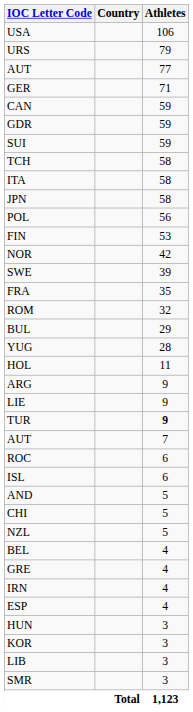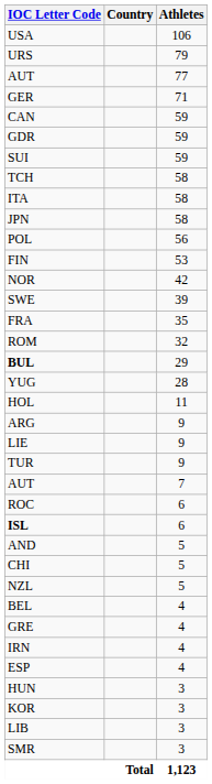 <table class="wikitable collapsible collapsed sortable" style="border:0;">
 <tr>
 <th><a href='#'>IOC Letter Code</a></th>
 <th>Country</th>
 <th>Athletes</th>
 </tr>
 <tr>
 <td>USA</td>
 <td></td>
 <td align=center>106</td>
 </tr>
 <tr>
 <td>URS</td>
 <td></td>
 <td align=center>79</td>
 </tr>
 <tr>
 <td>AUT</td>
 <td></td>
 <td align=center>77</td>
 </tr>
 <tr>
 <td>GER</td>
 <td></td>
 <td align=center>71</td>
 </tr>
 <tr>
 <td>CAN</td>
 <td></td>
 <td align=center>59</td>
 </tr>
 <tr>
 <td>GDR</td>
 <td></td>
 <td align=center>59</td>
 </tr>
 <tr>
 <td>SUI</td>
 <td></td>
 <td align=center>59</td>
 </tr>
 <tr>
 <td>TCH</td>
 <td></td>
 <td align=center>58</td>
 </tr>
 <tr>
 <td>ITA</td>
 <td></td>
 <td align=center>58</td>
 </tr>
 <tr>
 <td>JPN</td>
 <td></td>
 <td align=center>58</td>
 </tr>
 <tr>
 <td>POL</td>
 <td></td>
 <td align=center>56</td>
 </tr>
 <tr>
 <td>FIN</td>
 <td></td>
 <td align=center>53</td>
 </tr>
 <tr>
 <td>NOR</td>
 <td></td>
 <td align=center>42</td>
 </tr>
 <tr>
 <td>SWE</td>
 <td></td>
 <td align=center>39</td>
 </tr>
 <tr>
 <td>FRA</td>
 <td></td>
 <td align=center>35</td>
 </tr>
 <tr>
 <td>ROM</td>
 <td></td>
 <td align=center>32</td>
 </tr>
 <tr>
-<td>BUL</td>
+<td><strong>BUL</strong></td>
 <td></td>
 <td align=center>29</td>
 </tr>
 <tr>
 <td>YUG</td>
 <td></td>
 <td align=center>28</td>
 </tr>
 <tr>
 <td>HOL</td>
 <td></td>
 <td align=center>11</td>
 </tr>
 <tr>
 <td>ARG</td>
 <td></td>
 <td align=center>9</td>
 </tr>
 <tr>
 <td>LIE</td>
 <td></td>
 <td align=center>9</td>
 </tr>
 <tr>
 <td>TUR</td>
 <td></td>
-<td align=center><strong>9</strong></td>
+<td align=center>9</td>
 </tr>
 <tr>
 <td>AUT</td>
 <td></td>
 <td align=center>7</td>
 </tr>
 <tr>
 <td>ROC</td>
 <td></td>
 <td align=center>6</td>
 </tr>
 <tr>
-<td>ISL</td>
+<td><strong>ISL</strong></td>
 <td></td>
 <td align=center>6</td>
 </tr>
 <tr>
 <td>AND</td>
 <td></td>
 <td align=center>5</td>
 </tr>
 <tr>
 <td>CHI</td>
 <td></td>
 <td align=center>5</td>
 </tr>
 <tr>
 <td>NZL</td>
 <td></td>
 <td align=center>5</td>
 </tr>
 <tr>
 <td>BEL</td>
 <td></td>
 <td align=center>4</td>
 </tr>
 <tr>
 <td>GRE</td>
 <td></td>
 <td align=center>4</td>
 </tr>
 <tr>
 <td>IRN</td>
 <td></td>
 <td align=center>4</td>
 </tr>
 <tr>
 <td>ESP</td>
 <td></td>
 <td align=center>4</td>
 </tr>
 <tr>
 <td>HUN</td>
 <td></td>
 <td align=center>3</td>
 </tr>
 <tr>
 <td>KOR</td>
 <td></td>
 <td align=center>3</td>
 </tr>
 <tr>
 <td>LIB</td>
 <td></td>
 <td align=center>3</td>
 </tr>
 <tr>
 <td>SMR</td>
 <td></td>
 <td align=center>3</td>
 </tr>
 <tr class="sortbottom">
 <td colspan=2; style="text-align:right; border:0px; background:#fff;"><strong>Total</strong></td>
 <td style="text-align:center; border:0px; background:#fff;"><strong>1,123</strong></td>
 </tr>
 <tr>
 </tr>
 </table>
